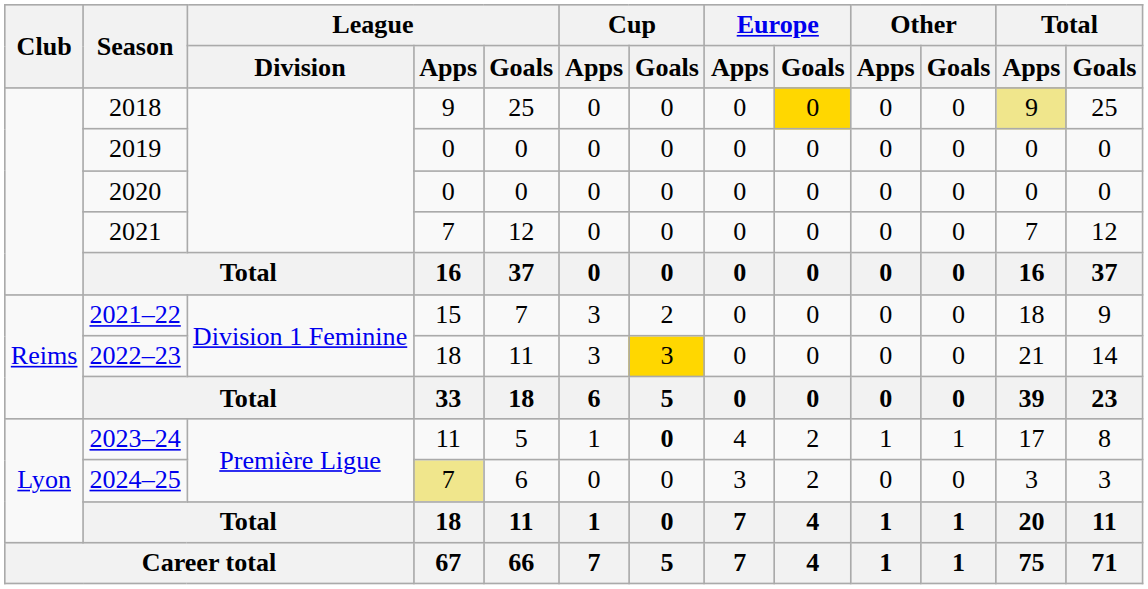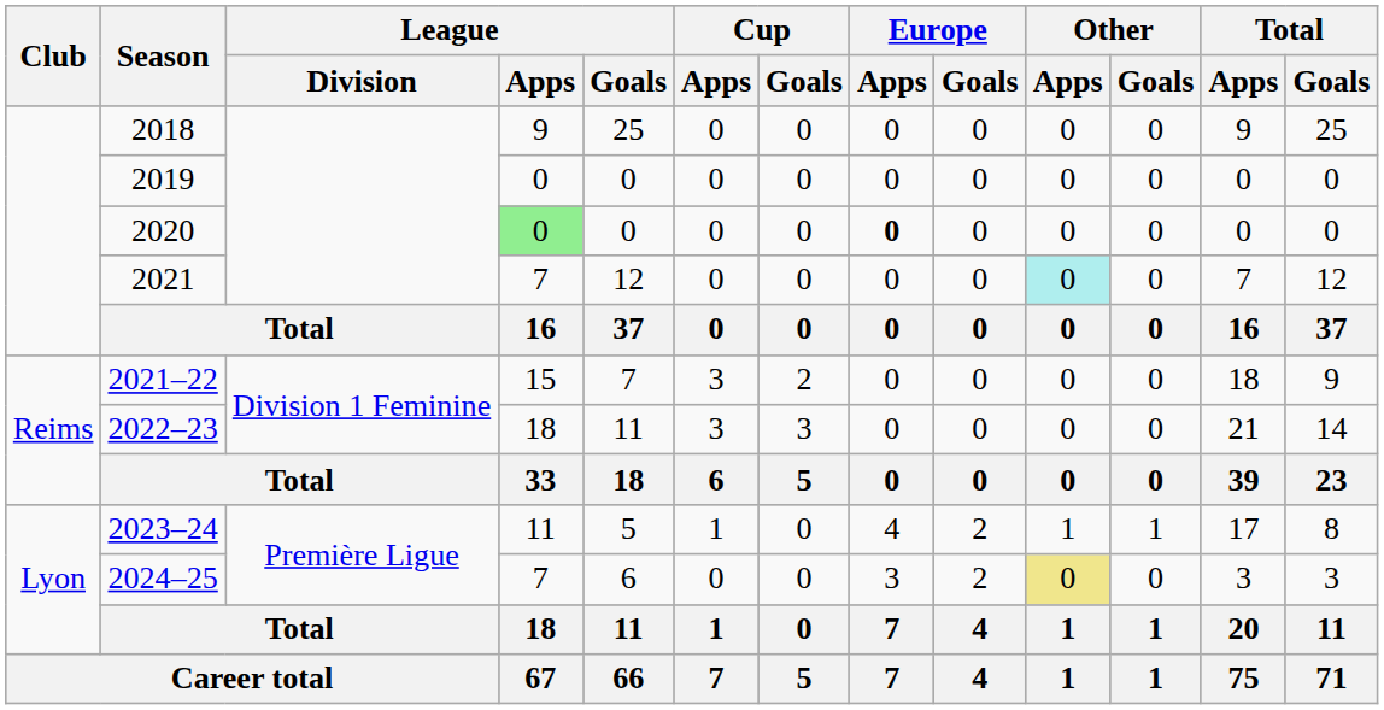 <table class="wikitable" style="font-size:100%; text-align: center;">
 <tr>
 <th rowspan=2>Club</th>
 <th rowspan="2">Season</th>
 <th colspan="3">League</th>
 <th colspan=2>Cup</th>
 <th colspan=2><a href='#'>Europe</a></th>
 <th colspan=2>Other</th>
 <th colspan=2>Total</th>
 </tr>
 <tr>
 <th>Division</th>
 <th>Apps</th>
 <th>Goals</th>
 <th>Apps</th>
 <th>Goals</th>
 <th>Apps</th>
 <th>Goals</th>
 <th>Apps</th>
 <th>Goals</th>
 <th>Apps</th>
 <th>Goals</th>
 </tr>
 <tr>
 <td rowspan="5"></td>
 <td>2018</td>
 <td rowspan="4"></td>
 <td>9</td>
 <td>25</td>
 <td>0</td>
 <td>0</td>
 <td>0</td>
-<td style="background: gold;">0</td>
 <td>0</td>
 <td>0</td>
-<td style="background: khaki;">9</td>
+<td>0</td>
+<td>9</td>
 <td>25</td>
 </tr>
 <tr>
 <td>2019</td>
 <td>0</td>
 <td>0</td>
 <td>0</td>
 <td>0</td>
 <td>0</td>
 <td>0</td>
 <td>0</td>
 <td>0</td>
 <td>0</td>
 <td>0</td>
 </tr>
 <tr>
 <td>2020</td>
+<td style="background: lightgreen;">0</td>
 <td>0</td>
 <td>0</td>
 <td>0</td>
-<td>0</td>
-<td>0</td>
+<td><strong>0</strong></td>
 <td>0</td>
 <td>0</td>
 <td>0</td>
 <td>0</td>
 <td>0</td>
 </tr>
 <tr>
 <td>2021</td>
 <td>7</td>
 <td>12</td>
 <td>0</td>
 <td>0</td>
 <td>0</td>
 <td>0</td>
-<td>0</td>
+<td style="background: paleturquoise;">0</td>
 <td>0</td>
 <td>7</td>
 <td>12</td>
 </tr>
 <tr>
 <th colspan="2">Total</th>
 <th>16</th>
 <th>37</th>
 <th>0</th>
 <th>0</th>
 <th>0</th>
 <th>0</th>
 <th>0</th>
 <th>0</th>
 <th>16</th>
 <th>37</th>
 </tr>
 <tr>
 <td rowspan="3"><a href='#'>Reims</a></td>
 <td><a href='#'>2021–22</a></td>
 <td rowspan="2"><a href='#'>Division 1 Feminine</a></td>
 <td>15</td>
 <td>7</td>
 <td>3</td>
 <td>2</td>
 <td>0</td>
 <td>0</td>
 <td>0</td>
 <td>0</td>
 <td>18</td>
 <td>9</td>
 </tr>
 <tr>
 <td><a href='#'>2022–23</a></td>
 <td>18</td>
 <td>11</td>
 <td>3</td>
-<td style="background: gold;">3</td>
+<td>3</td>
 <td>0</td>
 <td>0</td>
 <td>0</td>
 <td>0</td>
 <td>21</td>
 <td>14</td>
 </tr>
 <tr>
 <th colspan="2">Total</th>
 <th>33</th>
 <th>18</th>
 <th>6</th>
 <th>5</th>
 <th>0</th>
 <th>0</th>
 <th>0</th>
 <th>0</th>
 <th>39</th>
 <th>23</th>
 </tr>
 <tr>
 <td rowspan="3"><a href='#'>Lyon</a></td>
 <td><a href='#'>2023–24</a></td>
 <td rowspan="2"><a href='#'>Première Ligue</a></td>
 <td>11</td>
 <td>5</td>
 <td>1</td>
-<td><strong>0</strong></td>
+<td>0</td>
 <td>4</td>
 <td>2</td>
 <td>1</td>
 <td>1</td>
 <td>17</td>
 <td>8</td>
 </tr>
 <tr>
 <td><a href='#'>2024–25</a></td>
-<td style="background: khaki;">7</td>
+<td>7</td>
 <td>6</td>
 <td>0</td>
 <td>0</td>
 <td>3</td>
 <td>2</td>
-<td>0</td>
+<td style="background: khaki;">0</td>
 <td>0</td>
 <td>3</td>
 <td>3</td>
 </tr>
 <tr>
 <th colspan="2">Total</th>
 <th>18</th>
 <th>11</th>
 <th>1</th>
 <th>0</th>
 <th>7</th>
 <th>4</th>
 <th>1</th>
 <th>1</th>
 <th>20</th>
 <th>11</th>
 </tr>
 <tr>
 <th colspan="3">Career total</th>
 <th>67</th>
 <th>66</th>
 <th>7</th>
 <th>5</th>
 <th>7</th>
 <th>4</th>
 <th>1</th>
 <th>1</th>
 <th>75</th>
 <th>71</th>
 </tr>
 </table>
